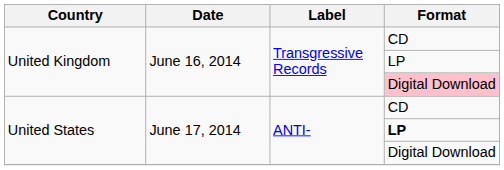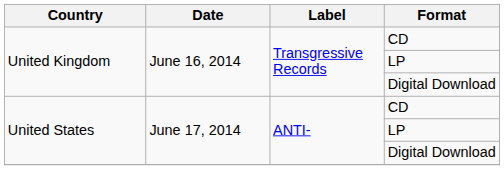 <table class="wikitable">
 <tr>
 <th width="150px">Country</th>
 <th width="130px">Date</th>
 <th width="120px">Label</th>
 <th>Format</th>
 </tr>
 <tr>
 <td rowspan="3">United Kingdom</td>
 <td rowspan="3">June 16, 2014</td>
 <td rowspan="3"><a href='#'>Transgressive Records</a></td>
 <td>CD</td>
 </tr>
 <tr>
 <td>LP</td>
 </tr>
 <tr>
-<td style="background: pink;">Digital Download</td>
+<td>Digital Download</td>
 </tr>
 <tr>
 <td rowspan="3">United States</td>
 <td rowspan="3">June 17, 2014</td>
 <td rowspan="3"><a href='#'>ANTI-</a></td>
 <td>CD</td>
 </tr>
 <tr>
-<td><strong>LP</strong></td>
+<td>LP</td>
 </tr>
 <tr>
 <td>Digital Download</td>
 </tr>
 <tr>
 </tr>
 </table>
